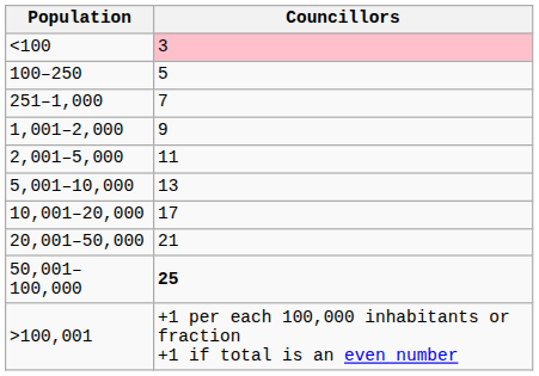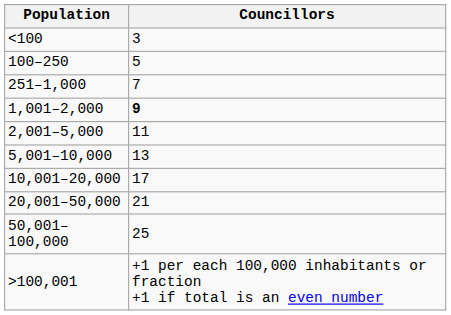 <table class="wikitable" style="text-align:left; font-size:95%;">
 <tr>
 <th width="100">Population</th>
 <th width="265">Councillors</th>
 </tr>
 <tr>
 <td><100</td>
-<td style="background: pink;">3</td>
+<td>3</td>
 </tr>
 <tr>
 <td>100–250</td>
 <td>5</td>
 </tr>
 <tr>
 <td>251–1,000</td>
 <td>7</td>
 </tr>
 <tr>
 <td>1,001–2,000</td>
-<td>9</td>
+<td><strong>9</strong></td>
 </tr>
 <tr>
 <td>2,001–5,000</td>
 <td>11</td>
 </tr>
 <tr>
 <td>5,001–10,000</td>
 <td>13</td>
 </tr>
 <tr>
 <td>10,001–20,000</td>
 <td>17</td>
 </tr>
 <tr>
 <td>20,001–50,000</td>
 <td>21</td>
 </tr>
 <tr>
 <td>50,001–100,000</td>
-<td><strong>25</strong></td>
+<td>25</td>
 </tr>
 <tr>
 <td>>100,001</td>
 <td>+1 per each 100,000 inhabitants or fraction<br>+1 if total is an <a href='#'>even number</a></td>
 </tr>
 </table>
